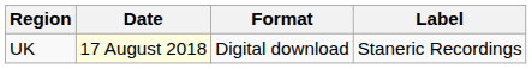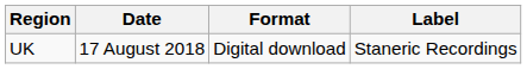 <table class="wikitable">
 <tr>
 <th scope="col">Region</th>
 <th scope="col">Date</th>
 <th scope="col">Format</th>
 <th scope="col">Label</th>
 </tr>
 <tr>
 <td>UK</td>
-<td style="background: lightyellow;">17 August 2018</td>
+<td>17 August 2018</td>
 <td rowspan="3">Digital download</td>
 <td rowspan="3">Staneric Recordings</td>
 </tr>
 </table>
